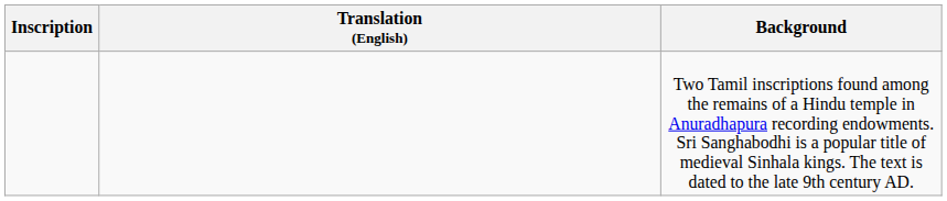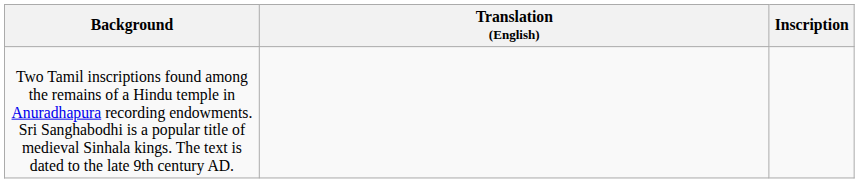 <table class="wikitable centre">
 <tr>
+<th scope="col" align=left>Background<br></th>
+<th>Translation<br><small>(English)</small></th>
 <th>Inscription<br></th>
-<th>Translation<br><small>(English)</small></th>
-<th scope="col" align=left>Background<br></th>
 </tr>
 <tr>
+<td align=center width="30%"><br>Two Tamil inscriptions found among the remains of a Hindu temple in <a href='#'>Anuradhapura</a> recording endowments. Sri Sanghabodhi is a popular title of medieval Sinhala kings. The text is dated to the late 9th century AD.</td>
+<td align=left><br><br></td>
 <td align=center width="10%"><br> </td>
-<td align=left><br><br></td>
-<td align=center width="30%"><br>Two Tamil inscriptions found among the remains of a Hindu temple in <a href='#'>Anuradhapura</a> recording endowments. Sri Sanghabodhi is a popular title of medieval Sinhala kings. The text is dated to the late 9th century AD.</td>
 </tr>
 </table>
